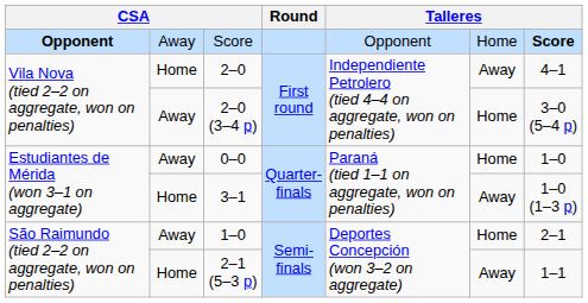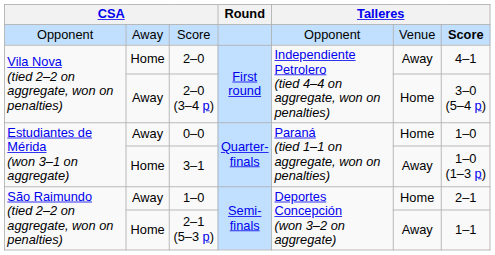 <table class="wikitable" style="text-align: center;">
 <tr>
 <th colspan=3> <a href='#'>CSA</a></th>
 <th>Round</th>
 <th colspan=3> <a href='#'>Talleres</a></th>
 </tr>
 <tr bgcolor=#c1e0ff>
-<td width=25%><strong>Opponent</strong></td>
+<td width=25%>Opponent</td>
 <td>Away</td>
 <td width=10%>Score</td>
 <td width=10%></td>
 <td width=25%>Opponent</td>
-<td>Home</td>
+<td width=10%>Venue</td>
 <td width=10%><strong>Score</strong></td>
 </tr>
 <tr>
 <td rowspan=2 align=left> <a href='#'>Vila Nova</a><br><em>(tied 2–2 on aggregate, won on penalties)</em></td>
 <td>Home</td>
 <td>2–0</td>
 <td rowspan=2 bgcolor=#c1e0ff><a href='#'>First round</a></td>
 <td rowspan=2 align=left> <a href='#'>Independiente Petrolero</a><br><em>(tied 4–4 on aggregate, won on penalties)</em></td>
 <td>Away</td>
 <td>4–1</td>
 </tr>
 <tr>
 <td>Away</td>
 <td>2–0 (3–4 <a href='#'>p</a>)</td>
 <td>Home</td>
 <td>3–0 (5–4 <a href='#'>p</a>)</td>
 </tr>
 <tr>
 <td rowspan=2 align=left> <a href='#'>Estudiantes de Mérida</a><br><em>(won 3–1 on aggregate)</em></td>
 <td>Away</td>
 <td>0–0</td>
 <td rowspan=2 bgcolor=#c1e0ff><a href='#'>Quarter-finals</a></td>
 <td rowspan=2 align=left> <a href='#'>Paraná</a><br><em>(tied 1–1 on aggregate, won on penalties)</em></td>
 <td>Home</td>
 <td>1–0</td>
 </tr>
 <tr>
 <td>Home</td>
 <td>3–1</td>
 <td>Away</td>
 <td>1–0 (1–3 <a href='#'>p</a>)</td>
 </tr>
 <tr>
 <td rowspan=2 align=left> <a href='#'>São Raimundo</a><br><em>(tied 2–2 on aggregate, won on penalties)</em></td>
 <td>Away</td>
 <td>1–0</td>
 <td rowspan=2 bgcolor=#c1e0ff><a href='#'>Semi-finals</a></td>
 <td rowspan=2 align=left> <a href='#'>Deportes Concepción</a><br><em>(won 3–2 on aggregate)</em></td>
 <td>Home</td>
 <td>2–1</td>
 </tr>
 <tr>
 <td>Home</td>
 <td>2–1 (5–3 <a href='#'>p</a>)</td>
 <td>Away</td>
 <td>1–1</td>
 </tr>
 </table>
